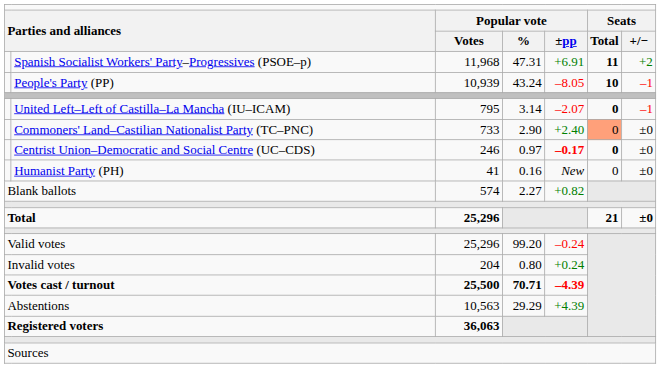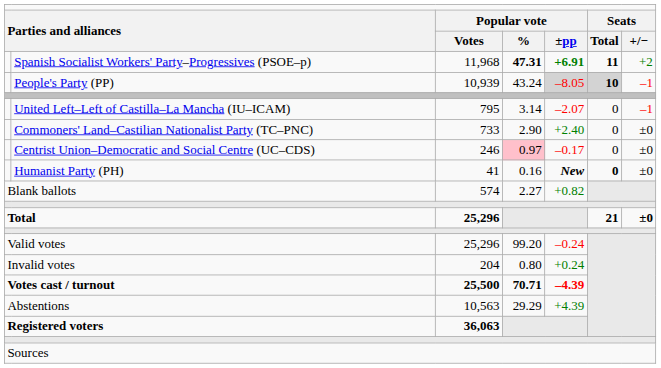 <table class="wikitable" style="text-align:right;">
 <tr>
 <td colspan="7"></td>
 </tr>
 <tr>
 <th style="text-align:left;" rowspan="2" colspan="2" width="525">Parties and alliances</th>
 <th colspan="3">Popular vote</th>
 <th colspan="2">Seats</th>
 </tr>
 <tr>
 <th width="75">Votes</th>
 <th width="45">%</th>
 <th width="45">±<a href='#'>pp</a></th>
 <th width="35">Total</th>
 <th width="35">+/−</th>
 </tr>
 <tr>
 <td width="1" style="color:inherit;background:"></td>
 <td align="left"><a href='#'>Spanish Socialist Workers' Party</a>–<a href='#'>Progressives</a> (PSOE–p)</td>
 <td>11,968</td>
-<td>47.31</td>
-<td style="color:green;">+6.91</td>
+<td><strong>47.31</strong></td>
+<td style="color:green;"><strong>+6.91</strong></td>
 <td><strong>11</strong></td>
 <td style="color:green;">+2</td>
 </tr>
 <tr>
 <td style="color:inherit;background:"></td>
 <td align="left"><a href='#'>People's Party</a> (PP)</td>
 <td>10,939</td>
 <td>43.24</td>
-<td style="color:red;">–8.05</td>
-<td><strong>10</strong></td>
+<td style="background: lightgrey; color:red;">–8.05</td>
+<td style="background: lightgrey;"><strong>10</strong></td>
 <td style="color:red;">–1</td>
 </tr>
 <tr>
 <td colspan="7" bgcolor="#C0C0C0"></td>
 </tr>
 <tr>
 <td style="color:inherit;background:"></td>
 <td align="left"><a href='#'>United Left–Left of Castilla–La Mancha</a> (IU–ICAM)</td>
 <td>795</td>
 <td>3.14</td>
 <td style="color:red;">–2.07</td>
-<td><strong>0</strong></td>
+<td>0</td>
 <td style="color:red;">–1</td>
 </tr>
 <tr>
 <td style="color:inherit;background:"></td>
 <td align="left"><a href='#'>Commoners' Land–Castilian Nationalist Party</a> (TC–PNC)</td>
 <td>733</td>
 <td>2.90</td>
 <td style="color:green;">+2.40</td>
-<td style="background: lightsalmon;">0</td>
+<td>0</td>
 <td>±0</td>
 </tr>
 <tr>
 <td style="color:inherit;background:"></td>
 <td align="left"><a href='#'>Centrist Union–Democratic and Social Centre</a> (UC–CDS)</td>
 <td>246</td>
-<td>0.97</td>
-<td style="color:red;"><strong>–0.17</strong></td>
-<td><strong>0</strong></td>
+<td style="background: pink;">0.97</td>
+<td style="color:red;">–0.17</td>
+<td>0</td>
 <td>±0</td>
 </tr>
 <tr>
 <td style="color:inherit;background:"></td>
 <td align="left"><a href='#'>Humanist Party</a> (PH)</td>
 <td>41</td>
 <td>0.16</td>
-<td><em>New</em></td>
-<td>0</td>
+<td><strong><em>New</em></strong></td>
+<td><strong>0</strong></td>
 <td>±0</td>
 </tr>
 <tr>
 <td align="left" colspan="2">Blank ballots</td>
 <td>574</td>
 <td>2.27</td>
 <td style="color:green;">+0.82</td>
 <td bgcolor="#E9E9E9" colspan="2"></td>
 </tr>
 <tr>
 <td colspan="7" bgcolor="#E9E9E9"></td>
 </tr>
 <tr style="font-weight:bold;">
 <td align="left" colspan="2">Total</td>
 <td>25,296</td>
 <td bgcolor="#E9E9E9" colspan="2"></td>
 <td>21</td>
 <td>±0</td>
 </tr>
 <tr>
 <td colspan="7" bgcolor="#E9E9E9"></td>
 </tr>
 <tr>
 <td align="left" colspan="2">Valid votes</td>
 <td>25,296</td>
 <td>99.20</td>
 <td style="color:red;">–0.24</td>
 <td bgcolor="#E9E9E9" colspan="2" rowspan="5"></td>
 </tr>
 <tr>
 <td align="left" colspan="2">Invalid votes</td>
 <td>204</td>
 <td>0.80</td>
 <td style="color:green;">+0.24</td>
 </tr>
 <tr style="font-weight:bold;">
 <td align="left" colspan="2">Votes cast / turnout</td>
 <td>25,500</td>
 <td>70.71</td>
 <td style="color:red;">–4.39</td>
 </tr>
 <tr>
 <td align="left" colspan="2">Abstentions</td>
 <td>10,563</td>
 <td>29.29</td>
 <td style="color:green;">+4.39</td>
 </tr>
 <tr style="font-weight:bold;">
 <td align="left" colspan="2">Registered voters</td>
 <td>36,063</td>
 <td bgcolor="#E9E9E9" colspan="2"></td>
 </tr>
 <tr>
 <td colspan="7" bgcolor="#E9E9E9"></td>
 </tr>
 <tr>
 <td align="left" colspan="7">Sources</td>
 </tr>
 </table>
